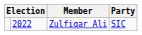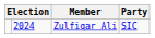 <table class="wikitable">
 <tr>
 <th colspan="2">Election</th>
 <th>Member</th>
 <th>Party</th>
 </tr>
 <tr>
 <td style="background-color: "></td>
-<td><a href='#'>2022</a></td>
+<td><a href='#'>2024</a></td>
 <td><a href='#'>Zulfiqar Ali</a></td>
 <td><a href='#'>SIC</a></td>
 </tr>
 </table>
